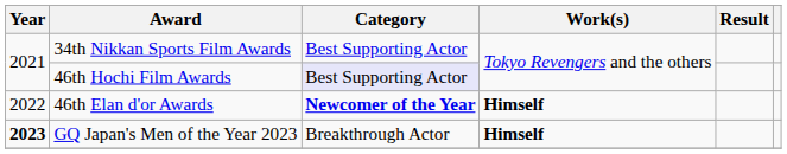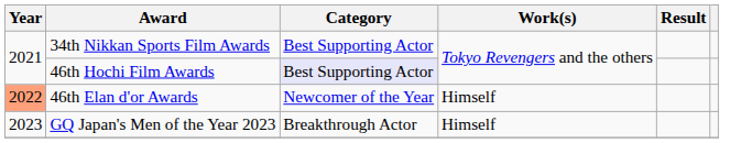 <table class="wikitable">
 <tr>
 <th>Year</th>
 <th>Award</th>
 <th>Category</th>
 <th>Work(s)</th>
 <th>Result</th>
 <th></th>
 </tr>
 <tr>
 <td rowspan="2">2021</td>
 <td>34th <a href='#'>Nikkan Sports Film Awards</a></td>
 <td><a href='#'>Best Supporting Actor</a></td>
 <td rowspan="2"><em><a href='#'>Tokyo Revengers</a></em> and the others</td>
 <td></td>
 <td></td>
 </tr>
 <tr>
 <td>46th <a href='#'>Hochi Film Awards</a></td>
 <td style="background: lavender;">Best Supporting Actor</td>
 <td></td>
 <td></td>
 </tr>
 <tr>
-<td>2022</td>
+<td style="background: lightsalmon;">2022</td>
 <td>46th <a href='#'>Elan d'or Awards</a></td>
-<td><strong><a href='#'>Newcomer of the Year</a></strong></td>
-<td><strong>Himself</strong></td>
+<td><a href='#'>Newcomer of the Year</a></td>
+<td>Himself</td>
 <td></td>
 <td></td>
 </tr>
 <tr>
-<td><strong>2023</strong></td>
+<td>2023</td>
 <td><a href='#'>GQ</a> Japan's Men of the Year 2023</td>
 <td>Breakthrough Actor</td>
-<td><strong>Himself</strong></td>
+<td>Himself</td>
 <td></td>
 <td></td>
 </tr>
 <tr>
 </tr>
 </table>
